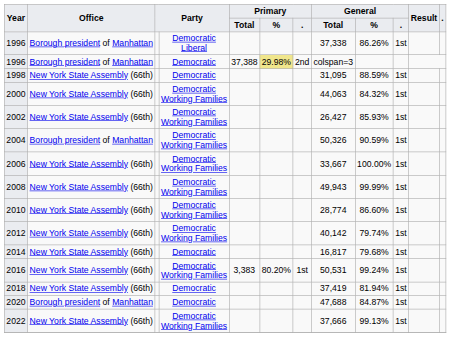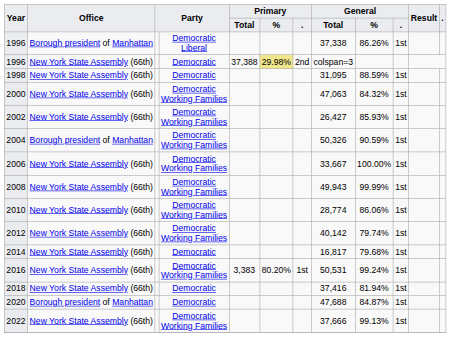 <table class="wikitable" style="font-size:90%; text-align:center;">
 <tr>
 <th style="background-color:#EAECF0;" rowspan=2>Year</th>
 <th style="background-color:#EAECF0;" rowspan=2>Office</th>
 <th style="background-color:#EAECF0;" colspan=2 rowspan=2>Party</th>
 <th style="background-color:#EAECF0;" colspan=3>Primary</th>
 <th style="background-color:#EAECF0;" colspan=3>General</th>
 <th style="background-color:#EAECF0;" rowspan=2>Result</th>
 <th style="background-color:#EAECF0;" rowspan=2>.</th>
 </tr>
 <tr>
 <th style="background-color:#EAECF0;">Total</th>
 <th style="background-color:#EAECF0;">%</th>
 <th style="background-color:#EAECF0;">.</th>
 <th style="background-color:#EAECF0;">Total</th>
 <th style="background-color:#EAECF0;">%</th>
 <th style="background-color:#EAECF0;">.</th>
 </tr>
 <tr>
 <td style="background-color:#EAECF0;">1996</td>
 <td><a href='#'>Borough president</a> of <a href='#'>Manhattan</a></td>
 <td style="background-color:"></td>
 <td><a href='#'>Democratic</a><br><a href='#'>Liberal</a></td>
 <td></td>
 <td></td>
 <td></td>
 <td>37,338</td>
 <td>86.26%</td>
 <td>1st</td>
 <td></td>
 <td></td>
 </tr>
 <tr>
 <td style="background-color:#EAECF0;">1996</td>
-<td><a href='#'>Borough president</a> of <a href='#'>Manhattan</a></td>
+<td><a href='#'>New York State Assembly</a> (66th)</td>
 <td style="background-color:"></td>
 <td><a href='#'>Democratic</a></td>
 <td>37,388</td>
 <td style="background: khaki;">29.98%</td>
 <td>2nd</td>
 <td>colspan=3 </td>
 <td></td>
 <td></td>
 </tr>
 <tr>
 <td style="background-color:#EAECF0;">1998</td>
 <td><a href='#'>New York State Assembly</a> (66th)</td>
 <td style="background-color:"></td>
 <td><a href='#'>Democratic</a></td>
 <td></td>
 <td></td>
 <td></td>
 <td>31,095</td>
 <td>88.59%</td>
 <td>1st</td>
 <td></td>
 <td></td>
 </tr>
 <tr>
 <td style="background-color:#EAECF0;">2000</td>
 <td><a href='#'>New York State Assembly</a> (66th)</td>
 <td style="background-color:"></td>
 <td><a href='#'>Democratic</a><br><a href='#'>Working Families</a></td>
 <td></td>
 <td></td>
 <td></td>
-<td>44,063</td>
+<td>47,063</td>
 <td>84.32%</td>
 <td>1st</td>
 <td></td>
 <td></td>
 </tr>
 <tr>
 <td style="background-color:#EAECF0;">2002</td>
 <td><a href='#'>New York State Assembly</a> (66th)</td>
 <td style="background-color:"></td>
 <td><a href='#'>Democratic</a><br><a href='#'>Working Families</a></td>
 <td></td>
 <td></td>
 <td></td>
 <td>26,427</td>
 <td>85.93%</td>
 <td>1st</td>
 <td></td>
 <td></td>
 </tr>
 <tr>
 <td style="background-color:#EAECF0;">2004</td>
 <td><a href='#'>Borough president</a> of <a href='#'>Manhattan</a></td>
 <td style="background-color:"></td>
 <td><a href='#'>Democratic</a><br><a href='#'>Working Families</a></td>
 <td></td>
 <td></td>
 <td></td>
 <td>50,326</td>
 <td>90.59%</td>
 <td>1st</td>
 <td></td>
 <td></td>
 </tr>
 <tr>
 <td style="background-color:#EAECF0;">2006</td>
 <td><a href='#'>New York State Assembly</a> (66th)</td>
 <td style="background-color:"></td>
 <td><a href='#'>Democratic</a><br><a href='#'>Working Families</a></td>
 <td></td>
 <td></td>
 <td></td>
 <td>33,667</td>
 <td>100.00%</td>
 <td>1st</td>
 <td></td>
 <td></td>
 </tr>
 <tr>
 <td style="background-color:#EAECF0;">2008</td>
 <td><a href='#'>New York State Assembly</a> (66th)</td>
 <td style="background-color:"></td>
 <td><a href='#'>Democratic</a><br><a href='#'>Working Families</a></td>
 <td></td>
 <td></td>
 <td></td>
 <td>49,943</td>
 <td>99.99%</td>
 <td>1st</td>
 <td></td>
 <td></td>
 </tr>
 <tr>
 <td style="background-color:#EAECF0;">2010</td>
 <td><a href='#'>New York State Assembly</a> (66th)</td>
 <td style="background-color:"></td>
 <td><a href='#'>Democratic</a><br><a href='#'>Working Families</a></td>
 <td></td>
 <td></td>
 <td></td>
 <td>28,774</td>
-<td>86.60%</td>
+<td>86.06%</td>
 <td>1st</td>
 <td></td>
 <td></td>
 </tr>
 <tr>
 <td style="background-color:#EAECF0;">2012</td>
 <td><a href='#'>New York State Assembly</a> (66th)</td>
 <td style="background-color:"></td>
 <td><a href='#'>Democratic</a><br><a href='#'>Working Families</a></td>
 <td></td>
 <td></td>
 <td></td>
 <td>40,142</td>
 <td>79.74%</td>
 <td>1st</td>
 <td></td>
 <td></td>
 </tr>
 <tr>
 <td style="background-color:#EAECF0;">2014</td>
 <td><a href='#'>New York State Assembly</a> (66th)</td>
 <td style="background-color:"></td>
 <td><a href='#'>Democratic</a></td>
 <td></td>
 <td></td>
 <td></td>
 <td>16,817</td>
 <td>79.68%</td>
 <td>1st</td>
 <td></td>
 <td></td>
 </tr>
 <tr>
 <td style="background-color:#EAECF0;">2016</td>
 <td><a href='#'>New York State Assembly</a> (66th)</td>
 <td style="background-color:"></td>
 <td><a href='#'>Democratic</a><br><a href='#'>Working Families</a></td>
 <td>3,383</td>
 <td>80.20%</td>
 <td>1st</td>
 <td>50,531</td>
 <td>99.24%</td>
 <td>1st</td>
 <td></td>
 <td></td>
 </tr>
 <tr>
 <td style="background-color:#EAECF0;">2018</td>
 <td><a href='#'>New York State Assembly</a> (66th)</td>
 <td style="background-color:"></td>
 <td><a href='#'>Democratic</a></td>
 <td></td>
 <td></td>
 <td></td>
-<td>37,419</td>
+<td>37,416</td>
 <td>81.94%</td>
 <td>1st</td>
 <td></td>
 <td></td>
 </tr>
 <tr>
 <td style="background-color:#EAECF0;">2020</td>
 <td><a href='#'>Borough president</a> of <a href='#'>Manhattan</a></td>
 <td style="background-color:"></td>
 <td><a href='#'>Democratic</a></td>
 <td></td>
 <td></td>
 <td></td>
 <td>47,688</td>
 <td>84.87%</td>
 <td>1st</td>
 <td></td>
 <td></td>
 </tr>
 <tr>
 <td style="background-color:#EAECF0;">2022</td>
 <td><a href='#'>New York State Assembly</a> (66th)</td>
 <td style="background-color:"></td>
 <td><a href='#'>Democratic</a><br><a href='#'>Working Families</a></td>
 <td></td>
 <td></td>
 <td></td>
 <td>37,666</td>
 <td>99.13%</td>
 <td>1st</td>
 <td></td>
 <td></td>
 </tr>
 <tr>
 </tr>
 </table>
